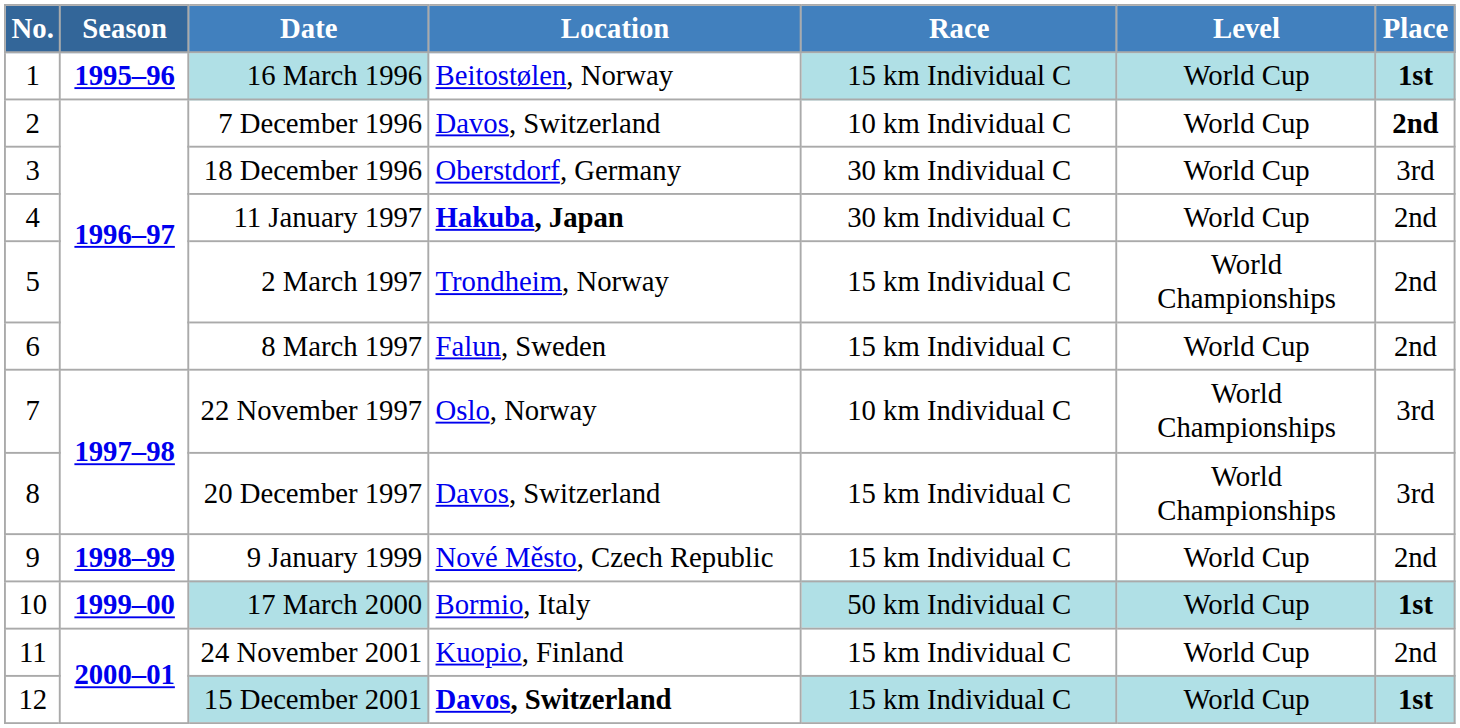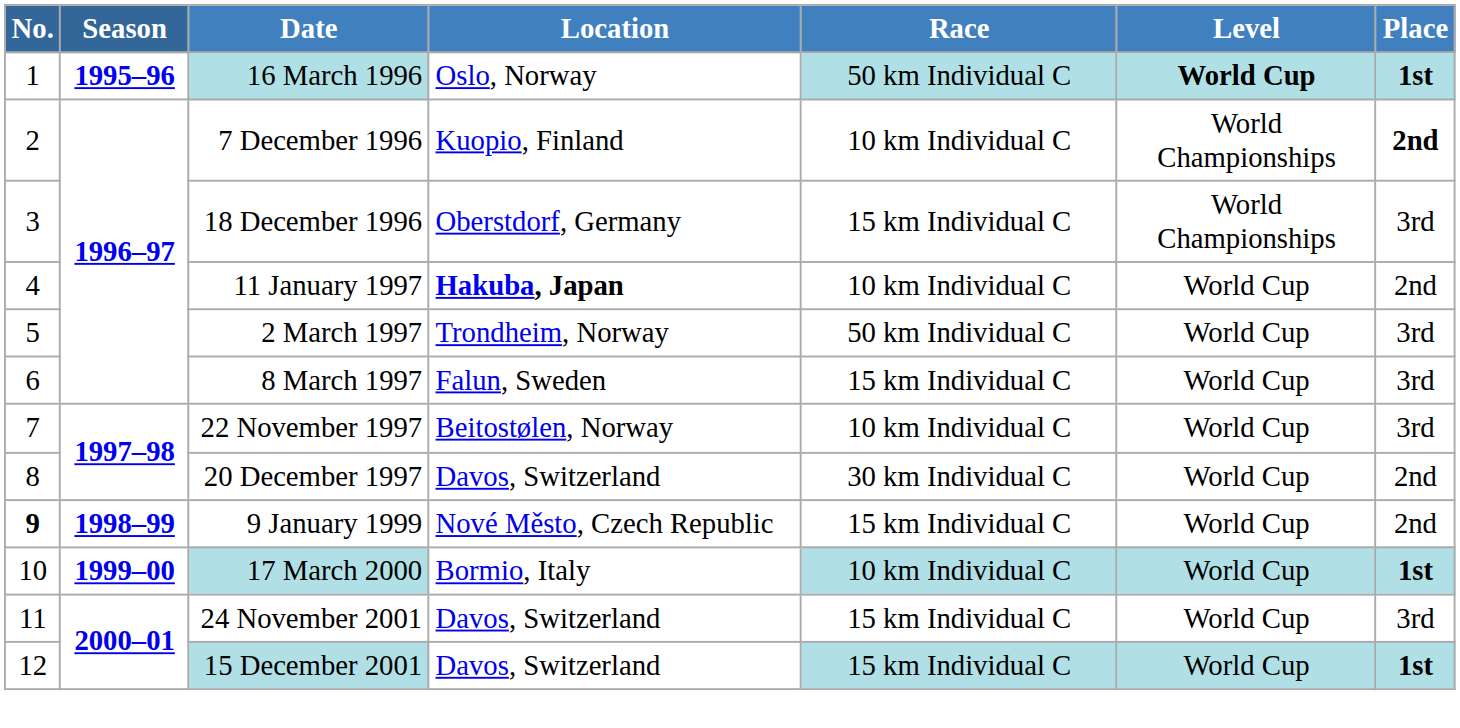 <table class="wikitable sortable" style="font-size:95%; text-align:center; border:grey solid 1px; border-collapse:collapse; background:#ffffff;">
 <tr style="background:#efefef;">
 <th style="background-color:#369; color:white;">No.</th>
 <th style="background-color:#369; color:white;">Season</th>
 <th style="background-color:#4180be; color:white; width:120px;">Date</th>
 <th style="background-color:#4180be; color:white; width:190px;">Location</th>
 <th style="background-color:#4180be; color:white; width:160px;">Race</th>
 <th style="background-color:#4180be; color:white; width:130px;">Level</th>
 <th style="background-color:#4180be; color:white;">Place</th>
 </tr>
 <tr>
 <td align=center>1</td>
 <td rowspan=1 align=center><strong><a href='#'>1995–96</a></strong></td>
 <td bgcolor="#BOEOE6" align=right>16 March 1996</td>
-<td align=left> <a href='#'>Beitostølen</a>, Norway</td>
-<td bgcolor="#BOEOE6">15 km Individual C</td>
-<td bgcolor="#BOEOE6">World Cup</td>
+<td align=left> <a href='#'>Oslo</a>, Norway</td>
+<td bgcolor="#BOEOE6">50 km Individual C</td>
+<td bgcolor="#BOEOE6"><strong>World Cup</strong></td>
 <td bgcolor="#BOEOE6"><strong>1st</strong></td>
 </tr>
 <tr>
 <td align=center>2</td>
 <td rowspan=5 align=center><strong> <a href='#'>1996–97</a> </strong></td>
 <td align=right>7 December 1996</td>
-<td align=left> <a href='#'>Davos</a>, Switzerland</td>
+<td align=left> <a href='#'>Kuopio</a>, Finland</td>
 <td>10 km Individual C</td>
-<td>World Cup</td>
+<td>World Championships</td>
 <td><strong>2nd</strong></td>
 </tr>
 <tr>
 <td align=center>3</td>
 <td align=right>18 December 1996</td>
 <td align=left> <a href='#'>Oberstdorf</a>, Germany</td>
-<td>30 km Individual C</td>
-<td>World Cup</td>
+<td>15 km Individual C</td>
+<td>World Championships</td>
 <td>3rd</td>
 </tr>
 <tr>
 <td align=center>4</td>
 <td align=right>11 January 1997</td>
 <td align=left><strong> <a href='#'>Hakuba</a>, Japan</strong></td>
-<td>30 km Individual C</td>
+<td>10 km Individual C</td>
 <td>World Cup</td>
 <td>2nd</td>
 </tr>
 <tr>
 <td align=center>5</td>
 <td align=right>2 March 1997</td>
 <td align=left> <a href='#'>Trondheim</a>, Norway</td>
-<td>15 km Individual C</td>
-<td>World Championships</td>
-<td>2nd</td>
+<td>50 km Individual C</td>
+<td>World Cup</td>
+<td>3rd</td>
 </tr>
 <tr>
 <td align=center>6</td>
 <td align=right>8 March 1997</td>
 <td align=left> <a href='#'>Falun</a>, Sweden</td>
 <td>15 km Individual C</td>
 <td>World Cup</td>
-<td>2nd</td>
+<td>3rd</td>
 </tr>
 <tr>
 <td align=center>7</td>
 <td rowspan=2 align=center><strong> <a href='#'>1997–98</a> </strong></td>
 <td align=right>22 November 1997</td>
-<td align=left> <a href='#'>Oslo</a>, Norway</td>
+<td align=left> <a href='#'>Beitostølen</a>, Norway</td>
 <td>10 km Individual C</td>
-<td>World Championships</td>
+<td>World Cup</td>
 <td>3rd</td>
 </tr>
 <tr>
 <td align=center>8</td>
 <td align=right>20 December 1997</td>
 <td align=left> <a href='#'>Davos</a>, Switzerland</td>
-<td>15 km Individual C</td>
-<td>World Championships</td>
-<td>3rd</td>
+<td>30 km Individual C</td>
+<td>World Cup</td>
+<td>2nd</td>
 </tr>
 <tr>
-<td align=center>9</td>
+<td align=center><strong>9</strong></td>
 <td rowspan=1 align=center><strong> <a href='#'>1998–99</a> </strong></td>
 <td align=right>9 January 1999</td>
 <td align=left> <a href='#'>Nové Město</a>, Czech Republic</td>
 <td>15 km Individual C</td>
 <td>World Cup</td>
 <td>2nd</td>
 </tr>
 <tr>
 <td align=center>10</td>
 <td rowspan=1 align=center><strong><a href='#'>1999–00</a></strong></td>
 <td bgcolor="#BOEOE6" align=right>17 March 2000</td>
 <td align=left> <a href='#'>Bormio</a>, Italy</td>
-<td bgcolor="#BOEOE6">50 km Individual C</td>
+<td bgcolor="#BOEOE6">10 km Individual C</td>
 <td bgcolor="#BOEOE6">World Cup</td>
 <td bgcolor="#BOEOE6"><strong>1st</strong></td>
 </tr>
 <tr>
 <td align=center>11</td>
 <td rowspan=2 align=center><strong> <a href='#'>2000–01</a> </strong></td>
 <td align=right>24 November 2001</td>
-<td align=left> <a href='#'>Kuopio</a>, Finland</td>
+<td align=left> <a href='#'>Davos</a>, Switzerland</td>
 <td>15 km Individual C</td>
 <td>World Cup</td>
-<td>2nd</td>
+<td>3rd</td>
 </tr>
 <tr>
 <td align=center>12</td>
 <td bgcolor="#BOEOE6" align=right>15 December 2001</td>
-<td align=left><strong> <a href='#'>Davos</a>, Switzerland</strong></td>
+<td align=left> <a href='#'>Davos</a>, Switzerland</td>
 <td bgcolor="#BOEOE6">15 km Individual C</td>
 <td bgcolor="#BOEOE6">World Cup</td>
 <td bgcolor="#BOEOE6"><strong>1st</strong></td>
 </tr>
 </table>
